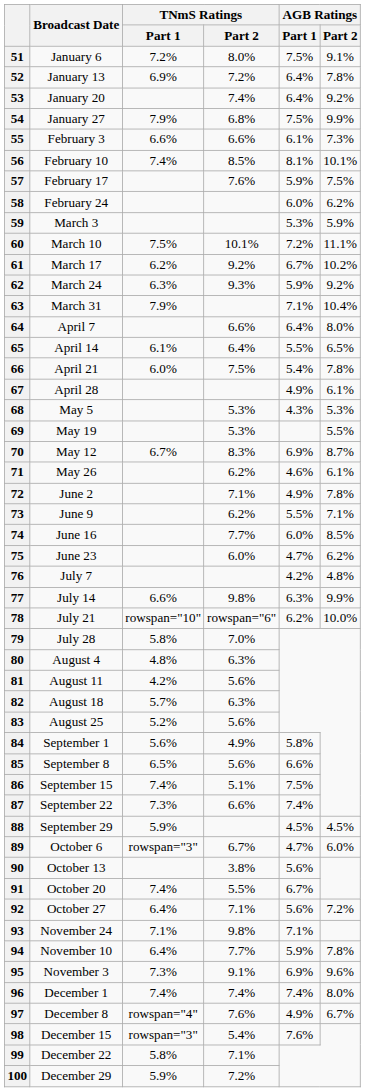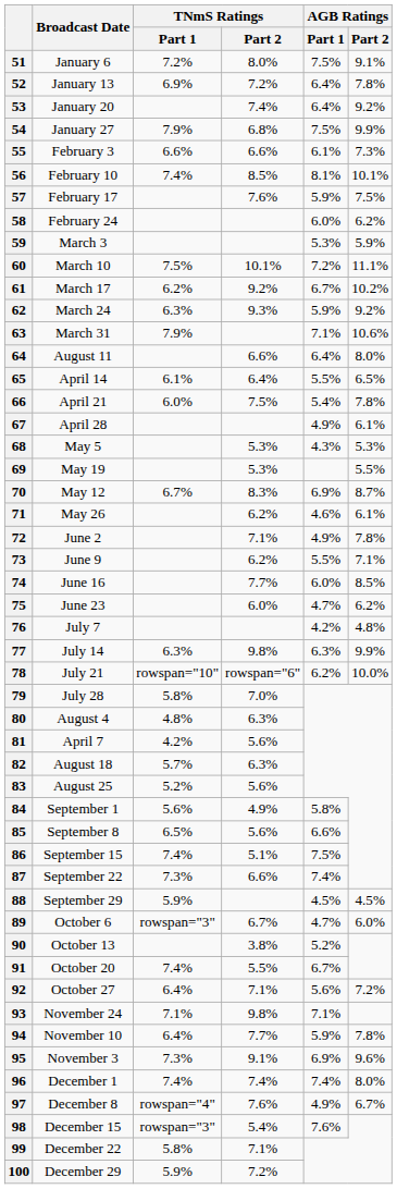 <table class="wikitable sortable" style="text-align:center;">
 <tr>
 <th rowspan=2></th>
 <th rowspan=2>Broadcast Date</th>
 <th colspan=2>TNmS Ratings</th>
 <th colspan=2>AGB Ratings</th>
 </tr>
 <tr>
 <th>Part 1</th>
 <th>Part 2</th>
 <th>Part 1</th>
 <th>Part 2</th>
 </tr>
 <tr>
 <th>51</th>
 <td>January 6</td>
 <td>7.2%</td>
 <td>8.0%</td>
 <td>7.5%</td>
 <td>9.1%</td>
 </tr>
 <tr>
 <th>52</th>
 <td>January 13</td>
 <td>6.9%</td>
 <td>7.2%</td>
 <td>6.4%</td>
 <td>7.8%</td>
 </tr>
 <tr>
 <th>53</th>
 <td>January 20</td>
 <td></td>
 <td>7.4%</td>
 <td>6.4%</td>
 <td>9.2%</td>
 </tr>
 <tr>
 <th>54</th>
 <td>January 27</td>
 <td>7.9%</td>
 <td>6.8%</td>
 <td>7.5%</td>
 <td>9.9%</td>
 </tr>
 <tr>
 <th>55</th>
 <td>February 3</td>
 <td>6.6%</td>
 <td>6.6%</td>
 <td>6.1%</td>
 <td>7.3%</td>
 </tr>
 <tr>
 <th>56</th>
 <td>February 10</td>
 <td>7.4%</td>
 <td>8.5%</td>
 <td>8.1%</td>
 <td>10.1%</td>
 </tr>
 <tr>
 <th>57</th>
 <td>February 17</td>
 <td></td>
 <td>7.6%</td>
 <td>5.9%</td>
 <td>7.5%</td>
 </tr>
 <tr>
 <th>58</th>
 <td>February 24</td>
 <td></td>
 <td></td>
 <td>6.0%</td>
 <td>6.2%</td>
 </tr>
 <tr>
 <th>59</th>
 <td>March 3</td>
 <td></td>
 <td></td>
 <td>5.3%</td>
 <td>5.9%</td>
 </tr>
 <tr>
 <th>60</th>
 <td>March 10</td>
 <td>7.5%</td>
 <td>10.1%</td>
 <td>7.2%</td>
 <td>11.1%</td>
 </tr>
 <tr>
 <th>61</th>
 <td>March 17</td>
 <td>6.2%</td>
 <td>9.2%</td>
 <td>6.7%</td>
 <td>10.2%</td>
 </tr>
 <tr>
 <th>62</th>
 <td>March 24</td>
 <td>6.3%</td>
 <td>9.3%</td>
 <td>5.9%</td>
 <td>9.2%</td>
 </tr>
 <tr>
 <th>63</th>
 <td>March 31</td>
 <td>7.9%</td>
 <td></td>
 <td>7.1%</td>
-<td>10.4%</td>
+<td>10.6%</td>
 </tr>
 <tr>
 <th>64</th>
-<td>April 7</td>
+<td>August 11</td>
 <td></td>
 <td>6.6%</td>
 <td>6.4%</td>
 <td>8.0%</td>
 </tr>
 <tr>
 <th>65</th>
 <td>April 14</td>
 <td>6.1%</td>
 <td>6.4%</td>
 <td>5.5%</td>
 <td>6.5%</td>
 </tr>
 <tr>
 <th>66</th>
 <td>April 21</td>
 <td>6.0%</td>
 <td>7.5%</td>
 <td>5.4%</td>
 <td>7.8%</td>
 </tr>
 <tr>
 <th>67</th>
 <td>April 28</td>
 <td></td>
 <td></td>
 <td>4.9%</td>
 <td>6.1%</td>
 </tr>
 <tr>
 <th>68</th>
 <td>May 5</td>
 <td></td>
 <td>5.3%</td>
 <td>4.3%</td>
 <td>5.3%</td>
 </tr>
 <tr>
 <th>69</th>
 <td>May 19</td>
 <td></td>
 <td>5.3%</td>
 <td></td>
 <td>5.5%</td>
 </tr>
 <tr>
 <th>70</th>
 <td>May 12</td>
 <td>6.7%</td>
 <td>8.3%</td>
 <td>6.9%</td>
 <td>8.7%</td>
 </tr>
 <tr>
 <th>71</th>
 <td>May 26</td>
 <td></td>
 <td>6.2%</td>
 <td>4.6%</td>
 <td>6.1%</td>
 </tr>
 <tr>
 <th>72</th>
 <td>June 2</td>
 <td></td>
 <td>7.1%</td>
 <td>4.9%</td>
 <td>7.8%</td>
 </tr>
 <tr>
 <th>73</th>
 <td>June 9</td>
 <td></td>
 <td>6.2%</td>
 <td>5.5%</td>
 <td>7.1%</td>
 </tr>
 <tr>
 <th>74</th>
 <td>June 16</td>
 <td></td>
 <td>7.7%</td>
 <td>6.0%</td>
 <td>8.5%</td>
 </tr>
 <tr>
 <th>75</th>
 <td>June 23</td>
 <td></td>
 <td>6.0%</td>
 <td>4.7%</td>
 <td>6.2%</td>
 </tr>
 <tr>
 <th>76</th>
 <td>July 7</td>
 <td></td>
 <td></td>
 <td>4.2%</td>
 <td>4.8%</td>
 </tr>
 <tr>
 <th>77</th>
 <td>July 14</td>
-<td>6.6%</td>
+<td>6.3%</td>
 <td>9.8%</td>
 <td>6.3%</td>
 <td>9.9%</td>
 </tr>
 <tr>
 <th>78</th>
 <td>July 21</td>
 <td>rowspan="10" </td>
 <td>rowspan="6" </td>
 <td>6.2%</td>
 <td>10.0%</td>
 </tr>
 <tr>
 <th>79</th>
 <td>July 28</td>
 <td>5.8%</td>
 <td>7.0%</td>
 </tr>
 <tr>
 <th>80</th>
 <td>August 4</td>
 <td>4.8%</td>
 <td>6.3%</td>
 </tr>
 <tr>
 <th>81</th>
-<td>August 11</td>
+<td>April 7</td>
 <td>4.2%</td>
 <td>5.6%</td>
 </tr>
 <tr>
 <th>82</th>
 <td>August 18</td>
 <td>5.7%</td>
 <td>6.3%</td>
 </tr>
 <tr>
 <th>83</th>
 <td>August 25</td>
 <td>5.2%</td>
 <td>5.6%</td>
 </tr>
 <tr>
 <th>84</th>
 <td>September 1</td>
 <td>5.6%</td>
 <td>4.9%</td>
 <td>5.8%</td>
 </tr>
 <tr>
 <th>85</th>
 <td>September 8</td>
 <td>6.5%</td>
 <td>5.6%</td>
 <td>6.6%</td>
 </tr>
 <tr>
 <th>86</th>
 <td>September 15</td>
 <td>7.4%</td>
 <td>5.1%</td>
 <td>7.5%</td>
 </tr>
 <tr>
 <th>87</th>
 <td>September 22</td>
 <td>7.3%</td>
 <td>6.6%</td>
 <td>7.4%</td>
 </tr>
 <tr>
 <th>88</th>
 <td>September 29</td>
 <td>5.9%</td>
 <td></td>
 <td>4.5%</td>
 <td>4.5%</td>
 </tr>
 <tr>
 <th>89</th>
 <td>October 6</td>
 <td>rowspan="3" </td>
 <td>6.7%</td>
 <td>4.7%</td>
 <td>6.0%</td>
 </tr>
 <tr>
 <th>90</th>
 <td>October 13</td>
 <td></td>
 <td>3.8%</td>
-<td>5.6%</td>
+<td>5.2%</td>
 </tr>
 <tr>
 <th>91</th>
 <td>October 20</td>
 <td>7.4%</td>
 <td>5.5%</td>
 <td>6.7%</td>
 </tr>
 <tr>
 <th>92</th>
 <td>October 27</td>
 <td>6.4%</td>
 <td>7.1%</td>
 <td>5.6%</td>
 <td>7.2%</td>
 </tr>
 <tr>
 <th>93</th>
 <td>November 24</td>
 <td>7.1%</td>
 <td>9.8%</td>
 <td>7.1%</td>
 <td></td>
 </tr>
 <tr>
 <th>94</th>
 <td>November 10</td>
 <td>6.4%</td>
 <td>7.7%</td>
 <td>5.9%</td>
 <td>7.8%</td>
 </tr>
 <tr>
 <th>95</th>
 <td>November 3</td>
 <td>7.3%</td>
 <td>9.1%</td>
 <td>6.9%</td>
 <td>9.6%</td>
 </tr>
 <tr>
 <th>96</th>
 <td>December 1</td>
 <td>7.4%</td>
 <td>7.4%</td>
 <td>7.4%</td>
 <td>8.0%</td>
 </tr>
 <tr>
 <th>97</th>
 <td>December 8</td>
 <td>rowspan="4" </td>
 <td>7.6%</td>
 <td>4.9%</td>
 <td>6.7%</td>
 </tr>
 <tr>
 <th>98</th>
 <td>December 15</td>
 <td>rowspan="3" </td>
 <td>5.4%</td>
 <td>7.6%</td>
 </tr>
 <tr>
 <th>99</th>
 <td>December 22</td>
 <td>5.8%</td>
 <td>7.1%</td>
 </tr>
 <tr>
 <th>100</th>
 <td>December 29</td>
 <td>5.9%</td>
 <td>7.2%</td>
 </tr>
 </table>
